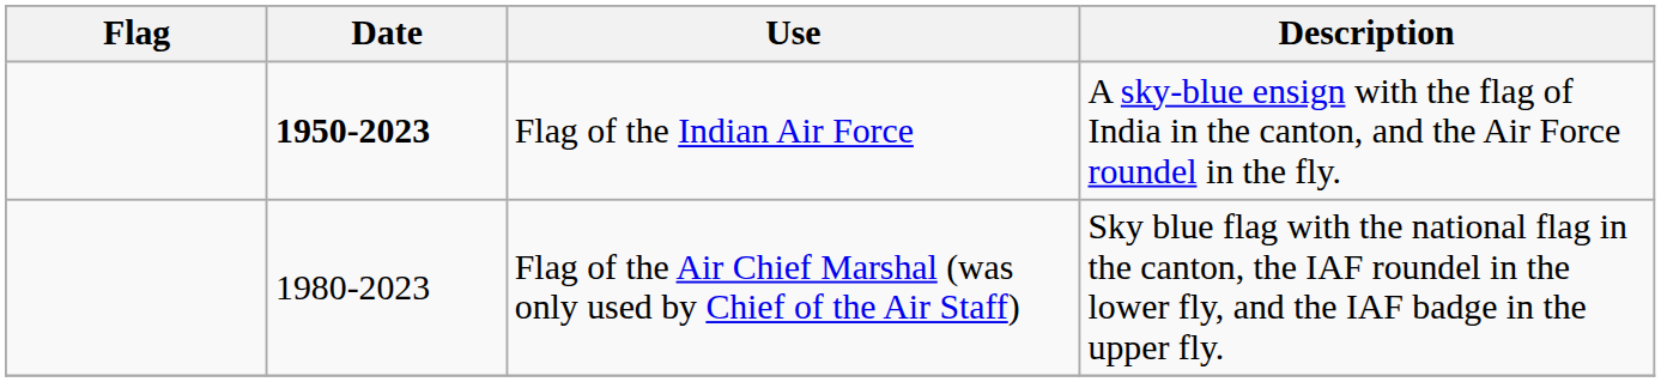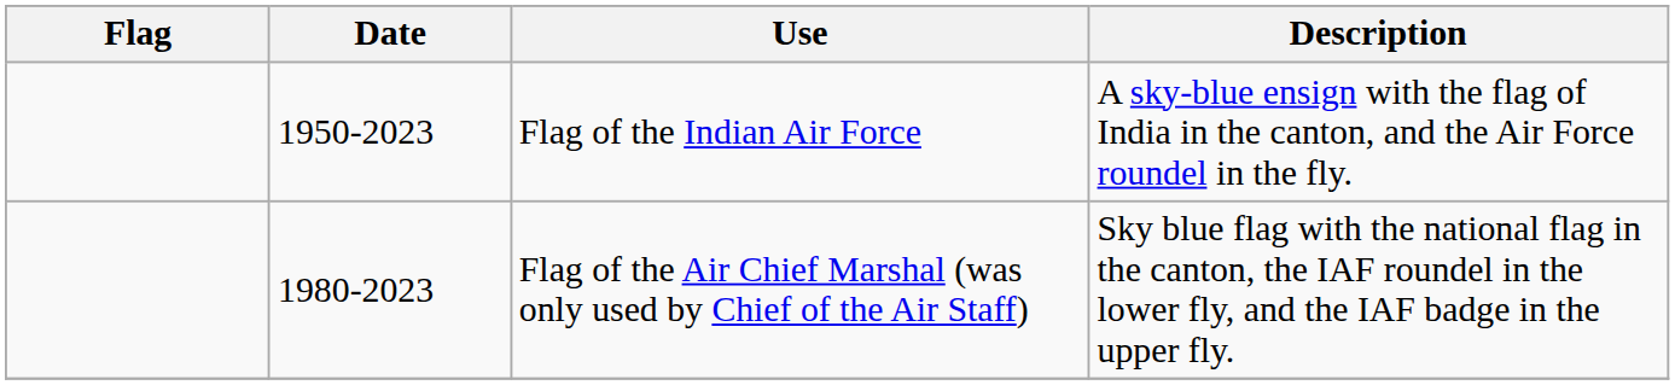 <table class="wikitable">
 <tr>
 <th style="width:110px;">Flag</th>
 <th style="width:100px;">Date</th>
 <th style="width:250px;">Use</th>
 <th style="width:250px;">Description</th>
 </tr>
 <tr>
 <td></td>
-<td><strong>1950-2023</strong></td>
+<td>1950-2023</td>
 <td>Flag of the <a href='#'>Indian Air Force</a></td>
 <td>A <a href='#'>sky-blue ensign</a> with the flag of India in the canton, and the Air Force <a href='#'>roundel</a> in the fly.</td>
 </tr>
 <tr>
 <td></td>
 <td>1980-2023</td>
 <td>Flag of the <a href='#'>Air Chief Marshal</a> (was only used by <a href='#'>Chief of the Air Staff</a>)</td>
 <td>Sky blue flag with the national flag in the canton, the IAF roundel in the lower fly, and the IAF badge in the upper fly.</td>
 </tr>
 <tr>
 </tr>
 </table>
